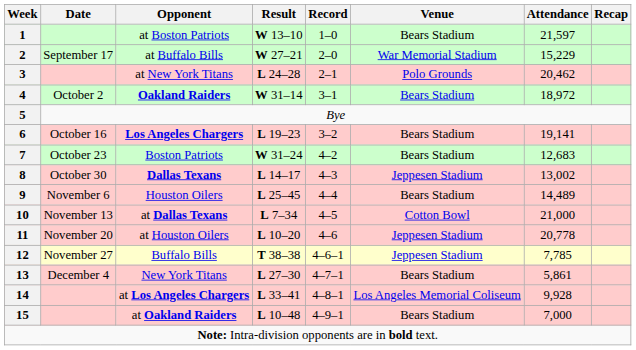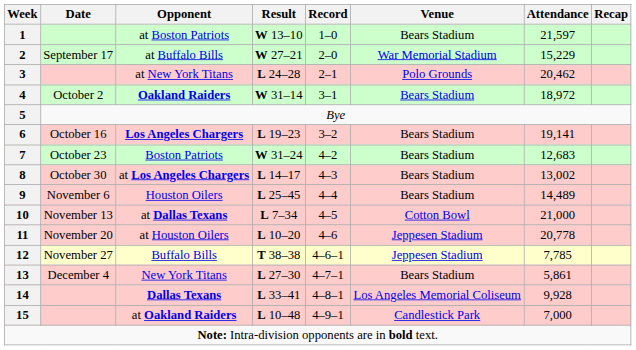 <table class="wikitable" style="text-align:center">
 <tr>
 <th>Week</th>
 <th>Date</th>
 <th>Opponent</th>
 <th>Result</th>
 <th>Record</th>
 <th>Venue</th>
 <th>Attendance</th>
 <th>Recap</th>
 </tr>
 <tr style="background:#cfc">
 <th>1</th>
 <td></td>
 <td>at <a href='#'>Boston Patriots</a></td>
 <td><strong>W</strong> 13–10</td>
 <td>1–0</td>
 <td>Bears Stadium</td>
 <td>21,597</td>
 <td></td>
 </tr>
 <tr style="background:#cfc">
 <th>2</th>
 <td>September 17</td>
 <td>at <a href='#'>Buffalo Bills</a></td>
 <td><strong>W</strong> 27–21</td>
 <td>2–0</td>
 <td><a href='#'>War Memorial Stadium</a></td>
 <td>15,229</td>
 <td></td>
 </tr>
 <tr style="background:#fcc">
 <th>3</th>
 <td></td>
 <td>at <a href='#'>New York Titans</a></td>
 <td><strong>L</strong> 24–28</td>
 <td>2–1</td>
 <td><a href='#'>Polo Grounds</a></td>
 <td>20,462</td>
 <td></td>
 </tr>
 <tr style="background:#cfc">
 <th>4</th>
 <td>October 2</td>
 <td><strong><a href='#'>Oakland Raiders</a></strong></td>
 <td><strong>W</strong> 31–14</td>
 <td>3–1</td>
 <td><a href='#'>Bears Stadium</a></td>
 <td>18,972</td>
 <td></td>
 </tr>
 <tr>
 <th>5</th>
 <td colspan="7" align="center"><em>Bye</em></td>
 </tr>
 <tr style="background:#fcc">
 <th>6</th>
 <td>October 16</td>
 <td><strong><a href='#'>Los Angeles Chargers</a></strong></td>
 <td><strong>L</strong> 19–23</td>
 <td>3–2</td>
 <td>Bears Stadium</td>
 <td>19,141</td>
 <td></td>
 </tr>
 <tr style="background:#cfc">
 <th>7</th>
 <td>October 23</td>
 <td><a href='#'>Boston Patriots</a></td>
 <td><strong>W</strong> 31–24</td>
 <td>4–2</td>
 <td>Bears Stadium</td>
 <td>12,683</td>
 <td></td>
 </tr>
 <tr style="background:#fcc">
 <th>8</th>
 <td>October 30</td>
-<td><strong><a href='#'>Dallas Texans</a></strong></td>
+<td>at <strong><a href='#'>Los Angeles Chargers</a></strong></td>
 <td><strong>L</strong> 14–17</td>
 <td>4–3</td>
-<td><a href='#'>Jeppesen Stadium</a></td>
+<td>Bears Stadium</td>
 <td>13,002</td>
 <td></td>
 </tr>
 <tr style="background:#fcc">
 <th>9</th>
 <td>November 6</td>
 <td><a href='#'>Houston Oilers</a></td>
 <td><strong>L</strong> 25–45</td>
 <td>4–4</td>
 <td>Bears Stadium</td>
 <td>14,489</td>
 <td></td>
 </tr>
 <tr style="background:#fcc">
 <th>10</th>
 <td>November 13</td>
 <td>at <strong><a href='#'>Dallas Texans</a></strong></td>
 <td><strong>L</strong> 7–34</td>
 <td>4–5</td>
 <td><a href='#'>Cotton Bowl</a></td>
 <td>21,000</td>
 <td></td>
 </tr>
 <tr style="background:#fcc">
 <th>11</th>
 <td>November 20</td>
 <td>at <a href='#'>Houston Oilers</a></td>
 <td><strong>L</strong> 10–20</td>
 <td>4–6</td>
 <td><a href='#'>Jeppesen Stadium</a></td>
 <td>20,778</td>
 <td></td>
 </tr>
 <tr style="background:#ffc">
 <th>12</th>
 <td>November 27</td>
 <td><a href='#'>Buffalo Bills</a></td>
 <td><strong>T</strong> 38–38</td>
 <td>4–6–1</td>
 <td><a href='#'>Jeppesen Stadium</a></td>
 <td>7,785</td>
 <td></td>
 </tr>
 <tr style="background:#fcc">
 <th>13</th>
 <td>December 4</td>
 <td><a href='#'>New York Titans</a></td>
 <td><strong>L</strong> 27–30</td>
 <td>4–7–1</td>
 <td>Bears Stadium</td>
 <td>5,861</td>
 <td></td>
 </tr>
 <tr style="background:#fcc">
 <th>14</th>
 <td></td>
-<td>at <strong><a href='#'>Los Angeles Chargers</a></strong></td>
+<td><strong><a href='#'>Dallas Texans</a></strong></td>
 <td><strong>L</strong> 33–41</td>
 <td>4–8–1</td>
 <td><a href='#'>Los Angeles Memorial Coliseum</a></td>
 <td>9,928</td>
 <td></td>
 </tr>
 <tr style="background:#fcc">
 <th>15</th>
 <td></td>
 <td>at <strong><a href='#'>Oakland Raiders</a></strong></td>
 <td><strong>L</strong> 10–48</td>
 <td>4–9–1</td>
-<td>Bears Stadium</td>
+<td><a href='#'>Candlestick Park</a></td>
 <td>7,000</td>
 <td></td>
 </tr>
 <tr>
 <td colspan="8"><strong>Note:</strong> Intra-division opponents are in <strong>bold</strong> text.</td>
 </tr>
 </table>
